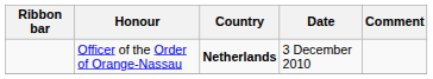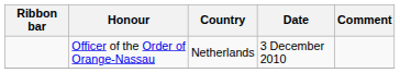 <table class="wikitable" style="width:60%;">
 <tr>
 <th style="width:80px;">Ribbon bar</th>
 <th>Honour</th>
 <th>Country</th>
 <th>Date</th>
 <th>Comment</th>
 </tr>
 <tr>
 <td></td>
 <td><a href='#'>Officer</a> of the <a href='#'>Order of Orange-Nassau</a></td>
-<td><strong>Netherlands</strong></td>
+<td>Netherlands</td>
 <td>3 December 2010</td>
 <td></td>
 </tr>
 <tr>
 </tr>
 </table>
